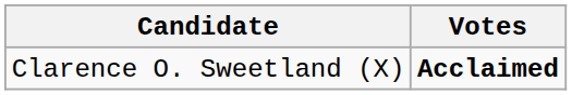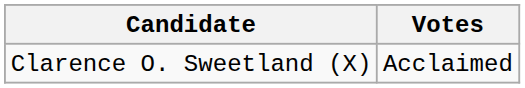 <table class="wikitable">
 <tr>
 <th>Candidate</th>
 <th>Votes</th>
 </tr>
 <tr>
 <td>Clarence O. Sweetland (X)</td>
-<td><strong>Acclaimed</strong></td>
+<td>Acclaimed</td>
 </tr>
 </table>
